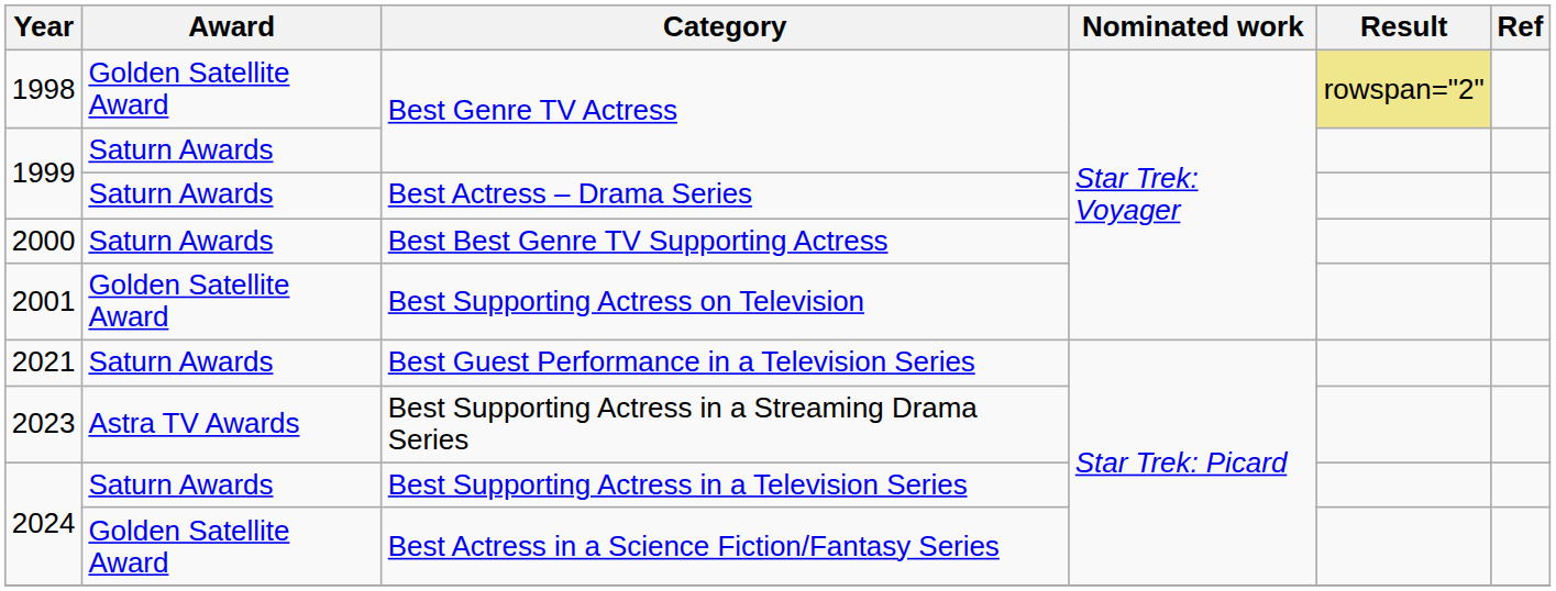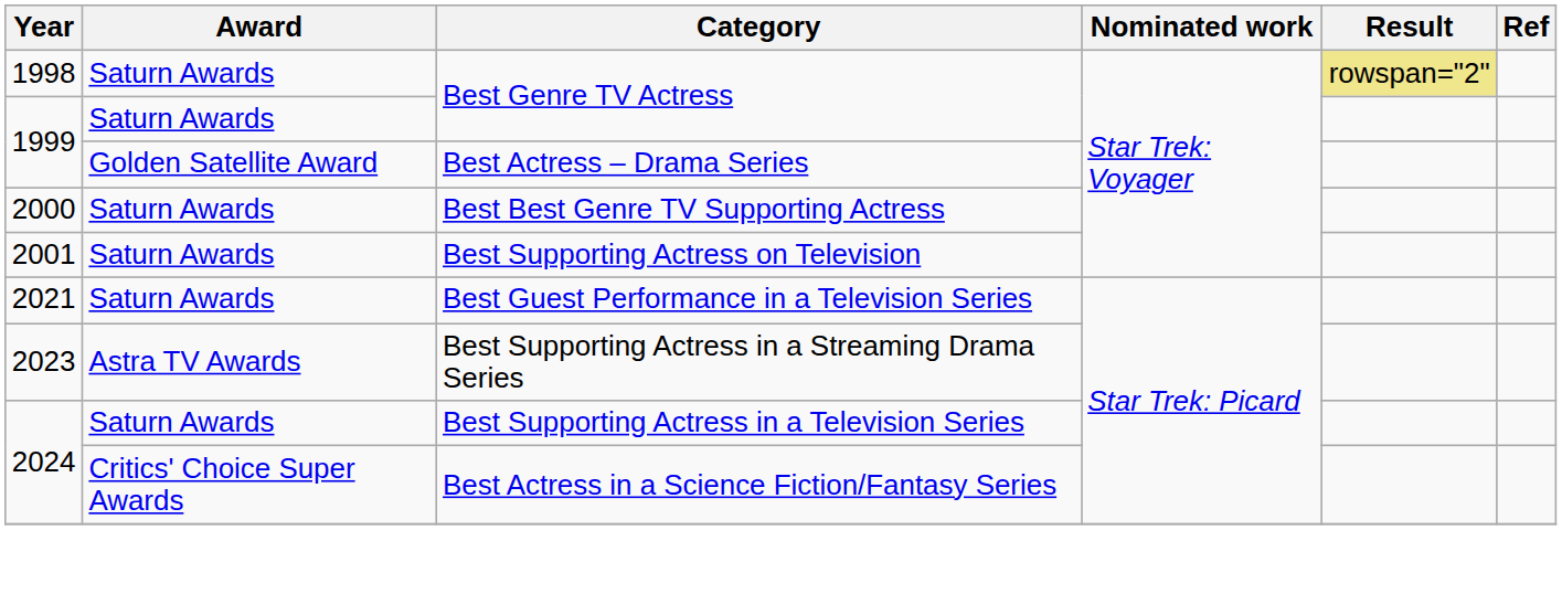 <table class="wikitable">
 <tr>
 <th>Year</th>
 <th>Award</th>
 <th>Category</th>
 <th>Nominated work</th>
 <th>Result</th>
 <th>Ref</th>
 </tr>
 <tr>
 <td>1998</td>
-<td><a href='#'>Golden Satellite Award</a></td>
+<td><a href='#'>Saturn Awards</a></td>
 <td rowspan="2"><a href='#'>Best Genre TV Actress</a></td>
 <td rowspan="5"><em><a href='#'>Star Trek: Voyager</a></em></td>
 <td style="background: khaki;">rowspan="2" </td>
 <td></td>
 </tr>
 <tr>
 <td rowspan="2">1999</td>
 <td><a href='#'>Saturn Awards</a></td>
 <td></td>
 </tr>
 <tr>
-<td><a href='#'>Saturn Awards</a></td>
+<td><a href='#'>Golden Satellite Award</a></td>
 <td><a href='#'>Best Actress – Drama Series</a></td>
 <td></td>
 <td></td>
 </tr>
 <tr>
 <td>2000</td>
 <td><a href='#'>Saturn Awards</a></td>
 <td><a href='#'>Best Best Genre TV Supporting Actress</a></td>
 <td></td>
 <td></td>
 </tr>
 <tr>
 <td>2001</td>
-<td><a href='#'>Golden Satellite Award</a></td>
+<td><a href='#'>Saturn Awards</a></td>
 <td><a href='#'>Best Supporting Actress on Television</a></td>
 <td></td>
 <td></td>
 </tr>
 <tr>
 <td>2021</td>
 <td><a href='#'>Saturn Awards</a></td>
 <td><a href='#'>Best Guest Performance in a Television Series</a></td>
 <td rowspan="4"><em><a href='#'>Star Trek: Picard</a></em></td>
 <td></td>
 <td></td>
 </tr>
 <tr>
 <td>2023</td>
 <td><a href='#'>Astra TV Awards</a></td>
 <td>Best Supporting Actress in a Streaming Drama Series</td>
 <td></td>
 <td></td>
 </tr>
 <tr>
 <td rowspan="2">2024</td>
 <td><a href='#'>Saturn Awards</a></td>
 <td><a href='#'>Best Supporting Actress in a Television Series</a></td>
 <td></td>
 <td></td>
 </tr>
 <tr>
-<td><a href='#'>Golden Satellite Award</a></td>
+<td><a href='#'>Critics' Choice Super Awards</a></td>
 <td><a href='#'>Best Actress in a Science Fiction/Fantasy Series</a></td>
 <td></td>
 <td></td>
 </tr>
 <tr>
 </tr>
 </table>
